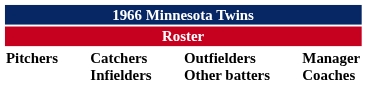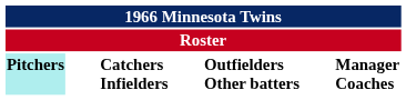 <table class="toccolours" style="font-size: 95%;">
 <tr>
 <th colspan="10" style="background-color: #072764; color: white; text-align: center;">1966 Minnesota Twins</th>
 </tr>
 <tr>
 <td colspan="10" style="background-color: #c6011f; color: white; text-align: center;"><strong>Roster</strong></td>
 </tr>
 <tr>
-<td valign="top"><strong>Pitchers</strong><br>              </td>
+<td valign="top" style="background: paleturquoise;"><strong>Pitchers</strong><br>              </td>
 <td width="25px"></td>
 <td valign="top"><strong>Catchers</strong><br>    <strong>Infielders</strong>       </td>
 <td width="25px"></td>
 <td valign="top"><strong>Outfielders</strong><br>       <strong>Other batters</strong> </td>
 <td width="25px"></td>
 <td valign="top"><strong>Manager</strong><br> <strong>Coaches</strong>    </td>
 </tr>
 <tr>
 </tr>
 </table>
